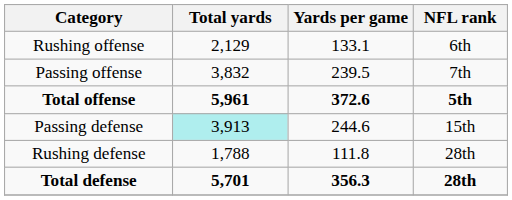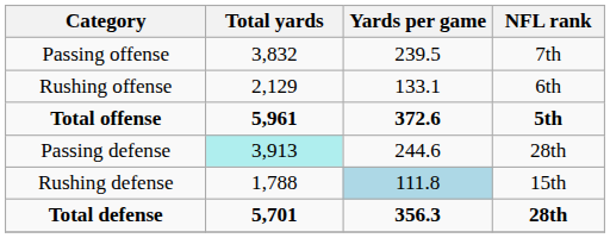 <table class="wikitable" style="text-align:center">
 <tr>
 <th width=150px>Category</th>
 <th width=100px>Total yards</th>
 <th width=110px>Yards per game</th>
 <th width=80px>NFL rank<br></th>
 </tr>
 <tr>
+<td>Passing offense</td>
+<td>3,832</td>
+<td>239.5</td>
+<td>7th</td>
+</tr>
+<tr>
 <td>Rushing offense</td>
 <td>2,129</td>
 <td>133.1</td>
 <td>6th</td>
-</tr>
-<tr>
-<td>Passing offense</td>
-<td>3,832</td>
-<td>239.5</td>
-<td>7th</td>
 </tr>
 <tr>
 <td><strong>Total offense</strong></td>
 <td><strong>5,961</strong></td>
 <td><strong>372.6</strong></td>
 <td><strong>5th</strong></td>
 </tr>
 <tr>
 <td>Passing defense</td>
 <td style="background: paleturquoise;">3,913</td>
 <td>244.6</td>
-<td>15th</td>
+<td>28th</td>
 </tr>
 <tr>
 <td>Rushing defense</td>
 <td>1,788</td>
-<td>111.8</td>
-<td>28th</td>
+<td style="background: lightblue;">111.8</td>
+<td>15th</td>
 </tr>
 <tr>
 <td><strong>Total defense</strong></td>
 <td><strong>5,701</strong></td>
 <td><strong>356.3</strong></td>
 <td><strong>28th</strong></td>
 </tr>
 <tr>
 </tr>
 </table>
